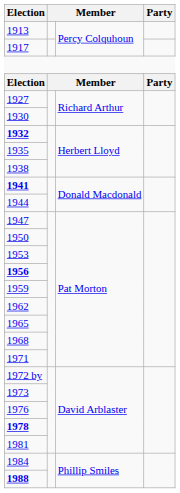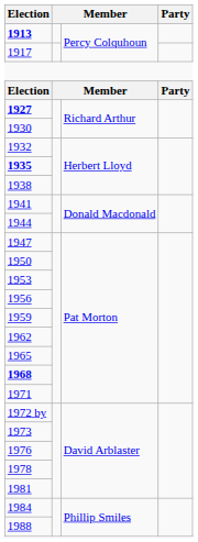 <table class="wikitable" style='border-style: none none none none;'>
 <tr>
 <th>Election</th>
 <th colspan="2">Member</th>
 <th>Party</th>
 </tr>
 <tr style="background: #f9f9f9">
-<td><a href='#'>1913</a></td>
+<td><strong><a href='#'>1913</a></strong></td>
 <td> </td>
 <td rowspan="2"><a href='#'>Percy Colquhoun</a></td>
 <td></td>
 </tr>
 <tr style="background: #f9f9f9">
 <td><a href='#'>1917</a></td>
 <td> </td>
 <td></td>
 </tr>
 <tr>
 <td colspan="4" style='border-style: none none none none;'> </td>
 </tr>
 <tr>
 <th>Election</th>
 <th colspan="2">Member</th>
 <th>Party</th>
 </tr>
 <tr style="background: #f9f9f9">
-<td><a href='#'>1927</a></td>
+<td><strong><a href='#'>1927</a></strong></td>
 <td rowspan="2" > </td>
 <td rowspan="2"><a href='#'>Richard Arthur</a></td>
 <td rowspan="2"></td>
 </tr>
 <tr>
 <td><a href='#'>1930</a></td>
 </tr>
 <tr style="background: #f9f9f9">
-<td><strong><a href='#'>1932</a></strong></td>
+<td><a href='#'>1932</a></td>
 <td rowspan="3" > </td>
 <td rowspan="3"><a href='#'>Herbert Lloyd</a></td>
 <td rowspan="3"></td>
 </tr>
 <tr>
-<td><a href='#'>1935</a></td>
+<td><strong><a href='#'>1935</a></strong></td>
 </tr>
 <tr>
 <td><a href='#'>1938</a></td>
 </tr>
 <tr style="background: #f9f9f9">
-<td><strong><a href='#'>1941</a></strong></td>
+<td><a href='#'>1941</a></td>
 <td rowspan="2" > </td>
 <td rowspan="2"><a href='#'>Donald Macdonald</a></td>
 <td rowspan="2"></td>
 </tr>
 <tr>
 <td><a href='#'>1944</a></td>
 </tr>
 <tr style="background: #f9f9f9">
 <td><a href='#'>1947</a></td>
 <td rowspan="9" > </td>
 <td rowspan="9"><a href='#'>Pat Morton</a></td>
 <td rowspan="9"></td>
 </tr>
 <tr>
 <td><a href='#'>1950</a></td>
 </tr>
 <tr>
 <td><a href='#'>1953</a></td>
 </tr>
 <tr>
-<td><strong><a href='#'>1956</a></strong></td>
+<td><a href='#'>1956</a></td>
 </tr>
 <tr>
 <td><a href='#'>1959</a></td>
 </tr>
 <tr>
 <td><a href='#'>1962</a></td>
 </tr>
 <tr>
 <td><a href='#'>1965</a></td>
 </tr>
 <tr>
-<td><a href='#'>1968</a></td>
+<td><strong><a href='#'>1968</a></strong></td>
 </tr>
 <tr>
 <td><a href='#'>1971</a></td>
 </tr>
 <tr style="background: #f9f9f9">
 <td><a href='#'>1972 by</a></td>
 <td rowspan="5" > </td>
 <td rowspan="5"><a href='#'>David Arblaster</a></td>
 <td rowspan="5"></td>
 </tr>
 <tr>
 <td><a href='#'>1973</a></td>
 </tr>
 <tr>
 <td><a href='#'>1976</a></td>
 </tr>
 <tr>
-<td><strong><a href='#'>1978</a></strong></td>
+<td><a href='#'>1978</a></td>
 </tr>
 <tr>
 <td><a href='#'>1981</a></td>
 </tr>
 <tr style="background: #f9f9f9">
 <td><a href='#'>1984</a></td>
 <td rowspan="2" > </td>
 <td rowspan="2"><a href='#'>Phillip Smiles</a></td>
 <td rowspan="2"></td>
 </tr>
 <tr>
-<td><strong><a href='#'>1988</a></strong></td>
+<td><a href='#'>1988</a></td>
 </tr>
 </table>
